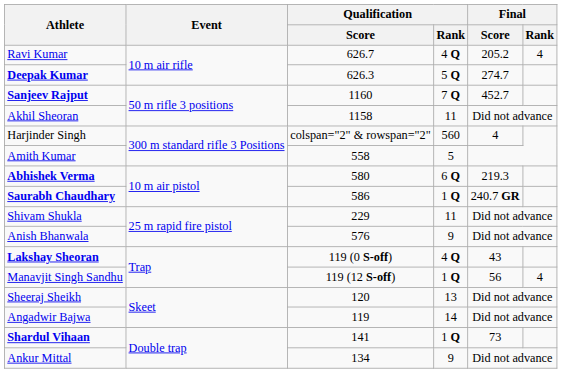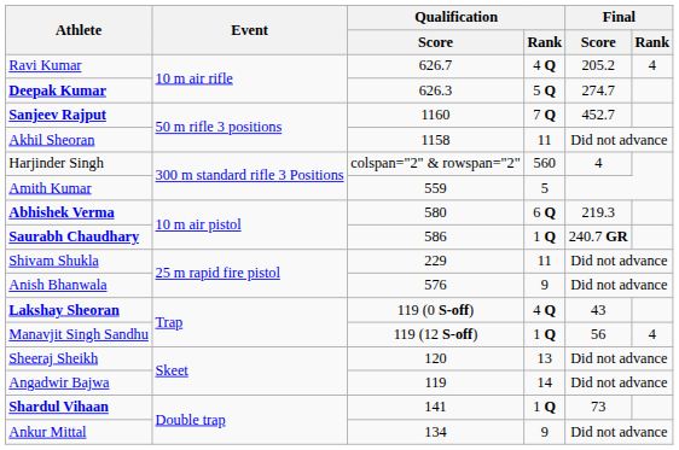 <table class="wikitable" style="text-align:center; font-size:90%">
 <tr>
 <th rowspan="2">Athlete</th>
 <th rowspan="2">Event</th>
 <th colspan="2">Qualification</th>
 <th colspan="2">Final</th>
 </tr>
 <tr>
 <th>Score</th>
 <th>Rank</th>
 <th>Score</th>
 <th>Rank</th>
 </tr>
 <tr>
 <td align=left><a href='#'>Ravi Kumar</a></td>
 <td align=left rowspan="2"><a href='#'>10 m air rifle</a></td>
 <td>626.7</td>
 <td>4 <strong>Q</strong></td>
 <td>205.2</td>
 <td>4</td>
 </tr>
 <tr>
 <td align=left><strong><a href='#'>Deepak Kumar</a></strong></td>
 <td>626.3</td>
 <td>5 <strong>Q</strong></td>
 <td>274.7</td>
 <td></td>
 </tr>
 <tr>
 <td align=left><strong><a href='#'>Sanjeev Rajput</a></strong></td>
 <td align=left rowspan="2"><a href='#'>50 m rifle 3 positions</a></td>
 <td>1160</td>
 <td>7 <strong>Q</strong></td>
 <td>452.7</td>
 <td></td>
 </tr>
 <tr>
 <td align=left><a href='#'>Akhil Sheoran</a></td>
 <td>1158</td>
 <td>11</td>
 <td colspan="2">Did not advance</td>
 </tr>
 <tr>
 <td align=left>Harjinder Singh</td>
 <td align=left rowspan="2"><a href='#'>300 m standard rifle 3 Positions</a></td>
 <td>colspan="2" & rowspan="2" </td>
 <td>560</td>
 <td>4</td>
 </tr>
 <tr>
 <td align=left><a href='#'>Amith Kumar</a></td>
-<td>558</td>
+<td>559</td>
 <td>5</td>
 </tr>
 <tr>
 <td align=left><strong><a href='#'>Abhishek Verma</a></strong></td>
 <td align=left rowspan="2"><a href='#'>10 m air pistol</a></td>
 <td>580</td>
 <td>6 <strong>Q</strong></td>
 <td>219.3</td>
 <td></td>
 </tr>
 <tr>
 <td align=left><strong><a href='#'>Saurabh Chaudhary</a></strong></td>
 <td>586</td>
 <td>1 <strong>Q</strong></td>
 <td>240.7 <strong>GR</strong></td>
 <td></td>
 </tr>
 <tr>
 <td align=left><a href='#'>Shivam Shukla</a></td>
 <td align=left rowspan="2"><a href='#'>25 m rapid fire pistol</a></td>
 <td>229</td>
 <td>11</td>
 <td colspan="2">Did not advance</td>
 </tr>
 <tr>
 <td align=left><a href='#'>Anish Bhanwala</a></td>
 <td>576</td>
 <td>9</td>
 <td colspan="2">Did not advance</td>
 </tr>
 <tr>
 <td align=left><strong><a href='#'>Lakshay Sheoran</a></strong></td>
 <td align=left rowspan="2"><a href='#'>Trap</a></td>
 <td>119  (0 <strong>S-off</strong>)</td>
 <td>4 <strong>Q</strong></td>
 <td>43</td>
 <td></td>
 </tr>
 <tr>
 <td align=left><a href='#'>Manavjit Singh Sandhu</a></td>
 <td>119  (12 <strong>S-off</strong>)</td>
 <td>1 <strong>Q</strong></td>
 <td>56</td>
 <td>4</td>
 </tr>
 <tr>
 <td align=left><a href='#'>Sheeraj Sheikh</a></td>
 <td align=left rowspan="2"><a href='#'>Skeet</a></td>
 <td>120</td>
 <td>13</td>
 <td colspan="2">Did not advance</td>
 </tr>
 <tr>
 <td align=left><a href='#'>Angadwir Bajwa</a></td>
 <td>119</td>
 <td>14</td>
 <td colspan="2">Did not advance</td>
 </tr>
 <tr>
 <td align=left><strong><a href='#'>Shardul Vihaan</a></strong></td>
 <td align=left rowspan="2"><a href='#'>Double trap</a></td>
 <td>141</td>
 <td>1 <strong>Q</strong></td>
 <td>73</td>
 <td></td>
 </tr>
 <tr>
 <td align=left><a href='#'>Ankur Mittal</a></td>
 <td>134</td>
 <td>9</td>
 <td colspan="2">Did not advance</td>
 </tr>
 </table>
